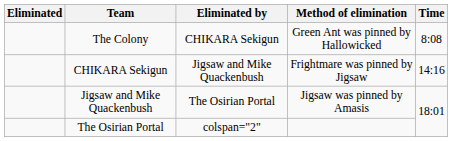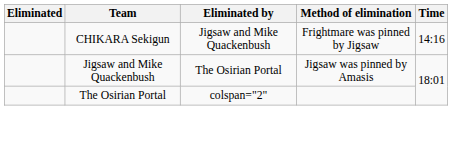 <table class="wikitable sortable" style="text-align:center;">
 <tr>
 <th>Eliminated</th>
 <th>Team</th>
 <th>Eliminated by</th>
 <th>Method of elimination</th>
 <th>Time</th>
-</tr>
-<tr>
-<td></td>
-<td>The Colony</td>
-<td>CHIKARA Sekigun</td>
-<td>Green Ant was pinned by Hallowicked</td>
-<td>8:08</td>
 </tr>
 <tr>
 <td></td>
 <td>CHIKARA Sekigun</td>
 <td>Jigsaw and Mike Quackenbush</td>
 <td>Frightmare was pinned by Jigsaw</td>
 <td>14:16</td>
 </tr>
 <tr>
 <td></td>
 <td>Jigsaw and Mike Quackenbush</td>
 <td>The Osirian Portal</td>
 <td>Jigsaw was pinned by Amasis</td>
 <td rowspan="2">18:01</td>
 </tr>
 <tr>
 <td></td>
 <td>The Osirian Portal</td>
 <td>colspan="2" </td>
 </tr>
 </table>
